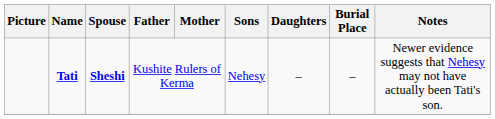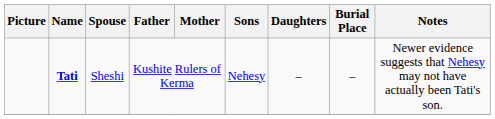 <table width=100% class="wikitable" style="text-align:center;">
 <tr>
 <th>Picture</th>
 <th>Name</th>
 <th>Spouse</th>
 <th>Father</th>
 <th>Mother</th>
 <th>Sons</th>
 <th>Daughters</th>
 <th>Burial Place</th>
 <th>Notes</th>
 </tr>
 <tr>
 <td></td>
 <td><strong><a href='#'>Tati</a></strong></td>
-<td><strong><a href='#'>Sheshi</a></strong></td>
+<td><a href='#'>Sheshi</a></td>
 <td colspan=2><a href='#'>Kushite</a> <a href='#'>Rulers of Kerma</a></td>
 <td><a href='#'>Nehesy</a></td>
 <td>–</td>
 <td>–</td>
 <td>Newer evidence suggests that <a href='#'>Nehesy</a> may not have actually been Tati's son.</td>
 </tr>
 <tr>
 </tr>
 </table>
